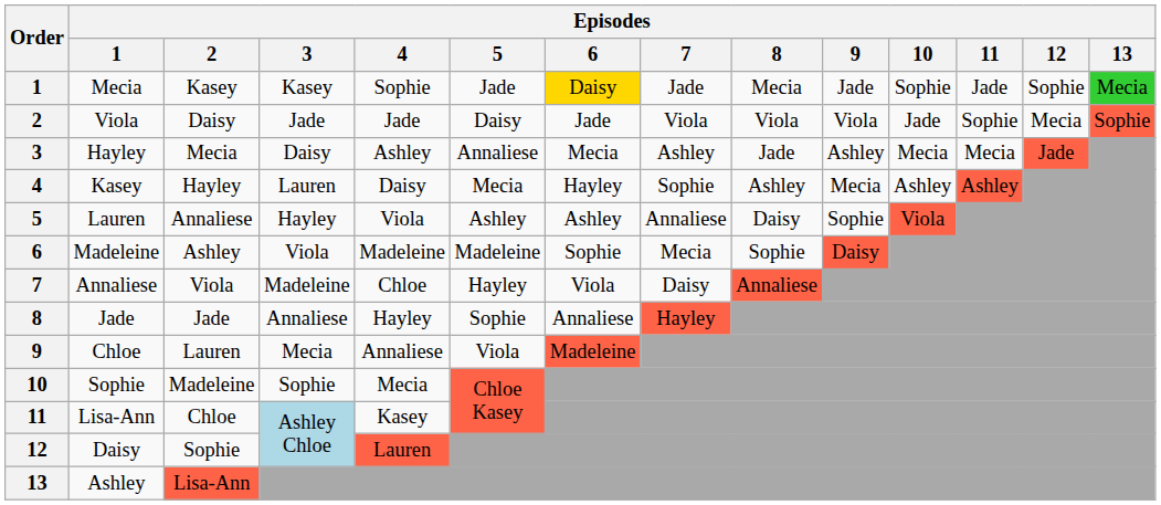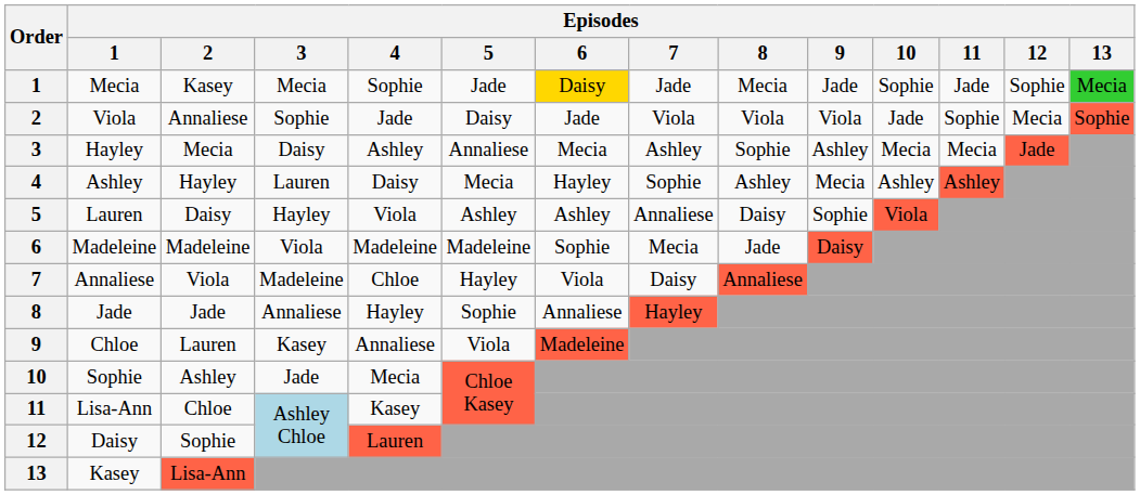 <table class="wikitable" style="text-align:center; font-size:92%">
 <tr>
 <th rowspan=2>Order</th>
 <th colspan=13>Episodes</th>
 </tr>
 <tr>
 <th>1</th>
 <th>2</th>
 <th>3</th>
 <th>4</th>
 <th>5</th>
 <th>6</th>
 <th>7</th>
 <th>8</th>
 <th>9</th>
 <th>10</th>
 <th>11</th>
 <th>12</th>
 <th>13</th>
 </tr>
 <tr>
 <th>1</th>
 <td>Mecia</td>
 <td>Kasey</td>
-<td>Kasey</td>
+<td>Mecia</td>
 <td>Sophie</td>
 <td>Jade</td>
 <td bgcolor="gold">Daisy</td>
 <td>Jade</td>
 <td>Mecia</td>
 <td>Jade</td>
 <td>Sophie</td>
 <td>Jade</td>
 <td>Sophie</td>
 <td bgcolor="limegreen">Mecia</td>
 </tr>
 <tr>
 <th>2</th>
 <td>Viola</td>
-<td>Daisy</td>
-<td>Jade</td>
+<td>Annaliese</td>
+<td>Sophie</td>
 <td>Jade</td>
 <td>Daisy</td>
 <td>Jade</td>
 <td>Viola</td>
 <td>Viola</td>
 <td>Viola</td>
 <td>Jade</td>
 <td>Sophie</td>
 <td>Mecia</td>
 <td bgcolor="tomato">Sophie</td>
 </tr>
 <tr>
 <th>3</th>
 <td>Hayley</td>
 <td>Mecia</td>
 <td>Daisy</td>
 <td>Ashley</td>
 <td>Annaliese</td>
 <td>Mecia</td>
 <td>Ashley</td>
-<td>Jade</td>
+<td>Sophie</td>
 <td>Ashley</td>
 <td>Mecia</td>
 <td>Mecia</td>
 <td bgcolor="tomato">Jade</td>
 <td bgcolor="darkgray" colspan=1></td>
 </tr>
 <tr>
 <th>4</th>
-<td>Kasey</td>
+<td>Ashley</td>
 <td>Hayley</td>
 <td>Lauren</td>
 <td>Daisy</td>
 <td>Mecia</td>
 <td>Hayley</td>
 <td>Sophie</td>
 <td>Ashley</td>
 <td>Mecia</td>
 <td>Ashley</td>
 <td bgcolor="tomato">Ashley</td>
 <td bgcolor="darkgray" colspan=2></td>
 </tr>
 <tr>
 <th>5</th>
 <td>Lauren</td>
-<td>Annaliese</td>
+<td>Daisy</td>
 <td>Hayley</td>
 <td>Viola</td>
 <td>Ashley</td>
 <td>Ashley</td>
 <td>Annaliese</td>
 <td>Daisy</td>
 <td>Sophie</td>
 <td bgcolor="tomato">Viola</td>
 <td bgcolor="darkgray" colspan=3></td>
 </tr>
 <tr>
 <th>6</th>
 <td>Madeleine</td>
-<td>Ashley</td>
+<td>Madeleine</td>
 <td>Viola</td>
 <td>Madeleine</td>
 <td>Madeleine</td>
 <td>Sophie</td>
 <td>Mecia</td>
-<td>Sophie</td>
+<td>Jade</td>
 <td bgcolor="tomato">Daisy</td>
 <td bgcolor="darkgray" colspan=4></td>
 </tr>
 <tr>
 <th>7</th>
 <td>Annaliese</td>
 <td>Viola</td>
 <td>Madeleine</td>
 <td>Chloe</td>
 <td>Hayley</td>
 <td>Viola</td>
 <td>Daisy</td>
 <td bgcolor="tomato">Annaliese</td>
 <td bgcolor="darkgray" colspan=5></td>
 </tr>
 <tr>
 <th>8</th>
 <td>Jade</td>
 <td>Jade</td>
 <td>Annaliese</td>
 <td>Hayley</td>
 <td>Sophie</td>
 <td>Annaliese</td>
 <td bgcolor="tomato">Hayley</td>
 <td bgcolor="darkgray" colspan=6></td>
 </tr>
 <tr>
 <th>9</th>
 <td>Chloe</td>
 <td>Lauren</td>
-<td>Mecia</td>
+<td>Kasey</td>
 <td>Annaliese</td>
 <td>Viola</td>
 <td bgcolor="tomato">Madeleine</td>
 <td bgcolor="darkgray" colspan=7></td>
 </tr>
 <tr>
 <th>10</th>
 <td>Sophie</td>
-<td>Madeleine</td>
-<td>Sophie</td>
+<td>Ashley</td>
+<td>Jade</td>
 <td>Mecia</td>
 <td bgcolor="tomato" rowspan="2">Chloe<br>Kasey</td>
 <td bgcolor="darkgray" colspan=8></td>
 </tr>
 <tr>
 <th>11</th>
 <td>Lisa-Ann</td>
 <td>Chloe</td>
 <td bgcolor="lightblue" rowspan="2">Ashley<br>Chloe</td>
 <td>Kasey</td>
 <td bgcolor="darkgray" colspan=9></td>
 </tr>
 <tr>
 <th>12</th>
 <td>Daisy</td>
 <td>Sophie</td>
 <td bgcolor="tomato">Lauren</td>
 <td bgcolor="darkgray" colspan=10></td>
 </tr>
 <tr>
 <th>13</th>
-<td>Ashley</td>
+<td>Kasey</td>
 <td bgcolor="tomato">Lisa-Ann</td>
 <td bgcolor="darkgray" colspan=11></td>
 </tr>
 </table>
